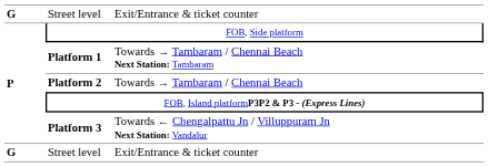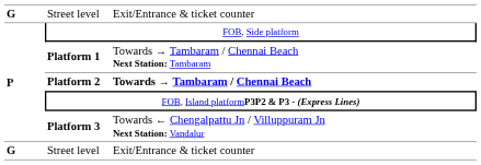 <table cellpadding="3" cellspacing="0" border="0">
 <tr>
 <td valign="top" width="30" style="border-top:solid 1px gray;border-bottom:solid 1px gray;"><strong>G</strong></td>
 <td valign="top" width="85" style="border-top:solid 1px gray;border-bottom:solid 1px gray;">Street level</td>
 <td valign="top" width="500" style="border-top:solid 1px gray;border-bottom:solid 1px gray;">Exit/Entrance & ticket counter</td>
 </tr>
 <tr>
 <td rowspan="5" style="border-bottom:solid 1px gray;" width="50" valign="center"><strong>P</strong></td>
 <td colspan="2" style="border-right:solid 2px black;border-left:solid 2px black;border-bottom:solid 2px black;text-align:center;"><a href='#'><small>FOB</small></a><small>, <a href='#'>Side platform</a></small></td>
 </tr>
 <tr>
 <td width="85" style="border-bottom:solid 1px gray;"><span><strong>Platform 1</strong></span></td>
 <td width="500" style="border-bottom:solid 1px gray;">Towards → <a href='#'>Tambaram</a> / <a href='#'>Chennai Beach</a><br><small><strong>Next Station: </strong><a href='#'>Tambaram</a></small></td>
 </tr>
 <tr>
 <td width="85" style="border-bottom:solid 1px white;"><span><strong>Platform 2</strong></span></td>
-<td width="500" style="border-bottom:solid 1px white;">Towards → <a href='#'>Tambaram</a> / <a href='#'>Chennai Beach</a></td>
+<td width="500" style="border-bottom:solid 1px white;"><strong>Towards → <a href='#'>Tambaram</a> / <a href='#'>Chennai Beach</a></strong></td>
 </tr>
 <tr>
 <td colspan="2" style="border-top:solid 2px black;border-right:solid 2px black;border-left:solid 2px black;border-bottom:solid 2px black;text-align:center;"><a href='#'><small>FOB</small></a><small>, <a href='#'>Island platform</a><strong>P3</strong><strong>P2 & P3 -</strong> <strong><em>(Express Lines)</em></strong></small></td>
 </tr>
 <tr>
 <td width="85" style="border-bottom:solid 1px gray;"><span><strong>Platform 3</strong></span></td>
 <td style="border-bottom:solid 1px gray;" width="500">Towards ← <a href='#'>Chengalpattu Jn</a> / <a href='#'>Villuppuram Jn</a><br><small><strong>Next Station:</strong> <a href='#'>Vandalur</a></small></td>
 </tr>
 <tr>
 <td style="border-bottom:solid 1px gray;" width="50" valign="top"><strong>G</strong></td>
 <td style="border-bottom:solid 1px gray;" width="50" valign="top">Street level</td>
 <td style="border-bottom:solid 1px gray;" width="50" valign="top">Exit/Entrance & ticket counter</td>
 </tr>
 <tr>
 </tr>
 </table>
